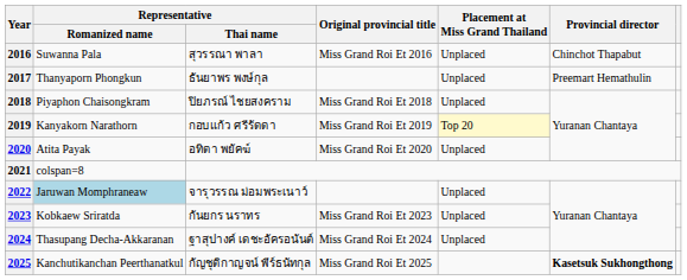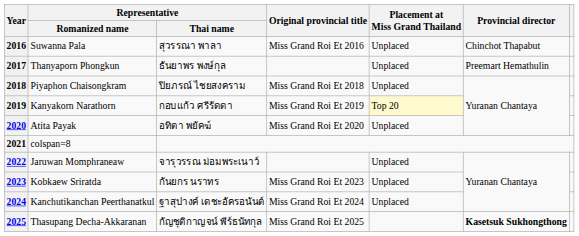 <table class="wikitable defaultcenter col2left col3left col6left" style="font-size:95%;">
 <tr>
 <th rowspan=2>Year</th>
 <th colspan=2>Representative</th>
 <th rowspan=2>Original provincial title</th>
 <th rowspan=2>Placement at<br>Miss Grand Thailand</th>
 <th rowspan=2>Provincial director</th>
 <th rowspan=2></th>
 </tr>
 <tr>
 <th>Romanized name</th>
 <th>Thai name</th>
 </tr>
 <tr>
 <th>2016</th>
 <td>Suwanna Pala</td>
 <td>สุวรรณา พาลา</td>
 <td>Miss Grand Roi Et 2016</td>
 <td>Unplaced</td>
 <td>Chinchot Thapabut</td>
 <td></td>
 </tr>
 <tr>
 <th>2017</th>
 <td>Thanyaporn Phongkun</td>
 <td>ธันยาพร พงษ์กุล</td>
 <td></td>
 <td>Unplaced</td>
 <td>Preemart Hemathulin</td>
 <td></td>
 </tr>
 <tr>
 <th>2018</th>
 <td>Piyaphon Chaisongkram</td>
 <td>ปิยภรณ์ ไชยสงคราม</td>
 <td>Miss Grand Roi Et 2018</td>
 <td>Unplaced</td>
 <td rowspan=3>Yuranan Chantaya</td>
 <td></td>
 </tr>
 <tr>
 <th>2019</th>
 <td>Kanyakorn Narathorn</td>
 <td>กอบแก้ว ศรีรัดดา</td>
 <td>Miss Grand Roi Et 2019</td>
 <td bgcolor=#FFFACD>Top 20</td>
 <td></td>
 </tr>
 <tr>
 <th><a href='#'>2020</a></th>
 <td>Atita Payak</td>
 <td>อทิตา พยัคฆ์</td>
 <td>Miss Grand Roi Et 2020</td>
 <td>Unplaced</td>
 <td></td>
 </tr>
 <tr>
 <th>2021</th>
 <td>colspan=8 </td>
 </tr>
 <tr>
 <th><a href='#'>2022</a></th>
-<td style="background: lightblue;">Jaruwan Momphraneaw</td>
+<td>Jaruwan Momphraneaw</td>
 <td>จารุวรรณ ม่อมพระเนาว์</td>
 <td></td>
 <td>Unplaced</td>
 <td rowspan=3>Yuranan Chantaya</td>
 <td></td>
 </tr>
 <tr>
 <th><a href='#'>2023</a></th>
 <td>Kobkaew Sriratda</td>
 <td>กันยกร นราทร</td>
 <td>Miss Grand Roi Et 2023</td>
 <td>Unplaced</td>
 <td></td>
 </tr>
 <tr>
 <th><a href='#'>2024</a></th>
-<td>Thasupang Decha-Akkaranan</td>
+<td>Kanchutikanchan Peerthanatkul</td>
 <td>ฐาสุปางค์ เดชะอัครอนันต์</td>
 <td>Miss Grand Roi Et 2024</td>
 <td>Unplaced</td>
 <td></td>
 </tr>
 <tr>
 <th><a href='#'>2025</a></th>
-<td>Kanchutikanchan Peerthanatkul</td>
+<td>Thasupang Decha-Akkaranan</td>
 <td>กัญชุติกาญจน์ พีร์ธนัทกุล</td>
 <td>Miss Grand Roi Et 2025</td>
 <td></td>
 <td><strong>Kasetsuk Sukhongthong</strong></td>
 <td></td>
 </tr>
 </table>
